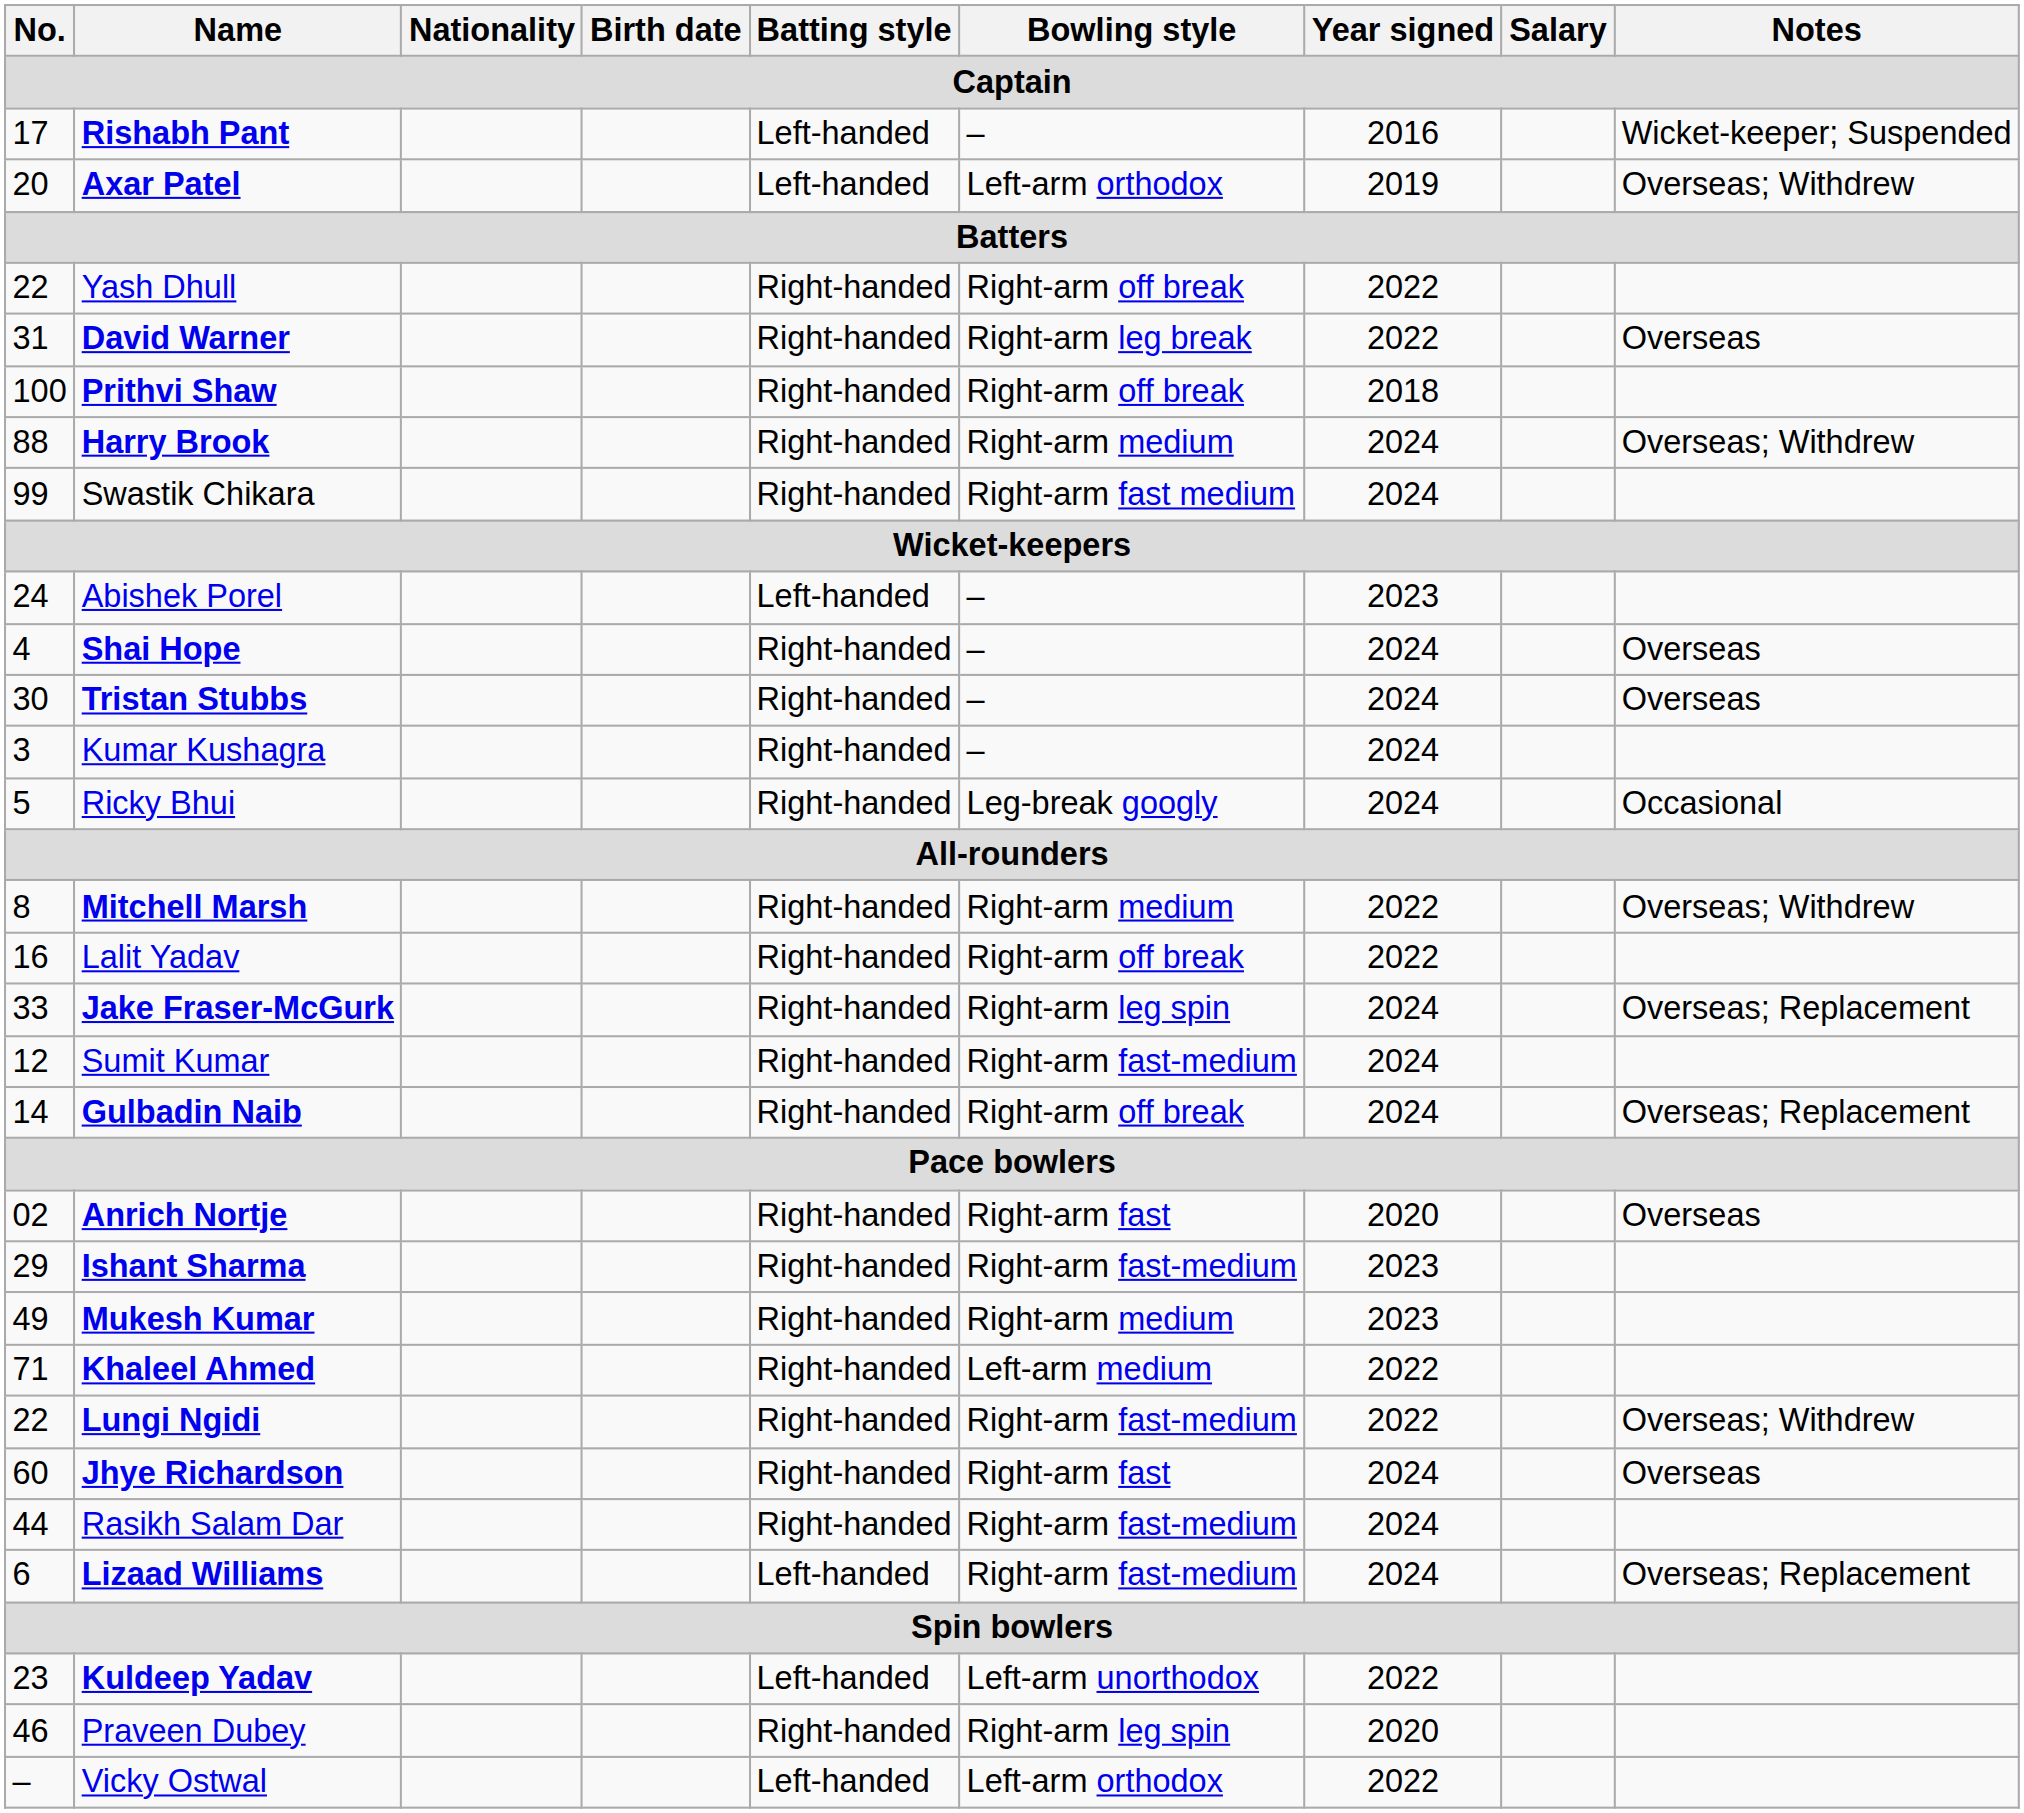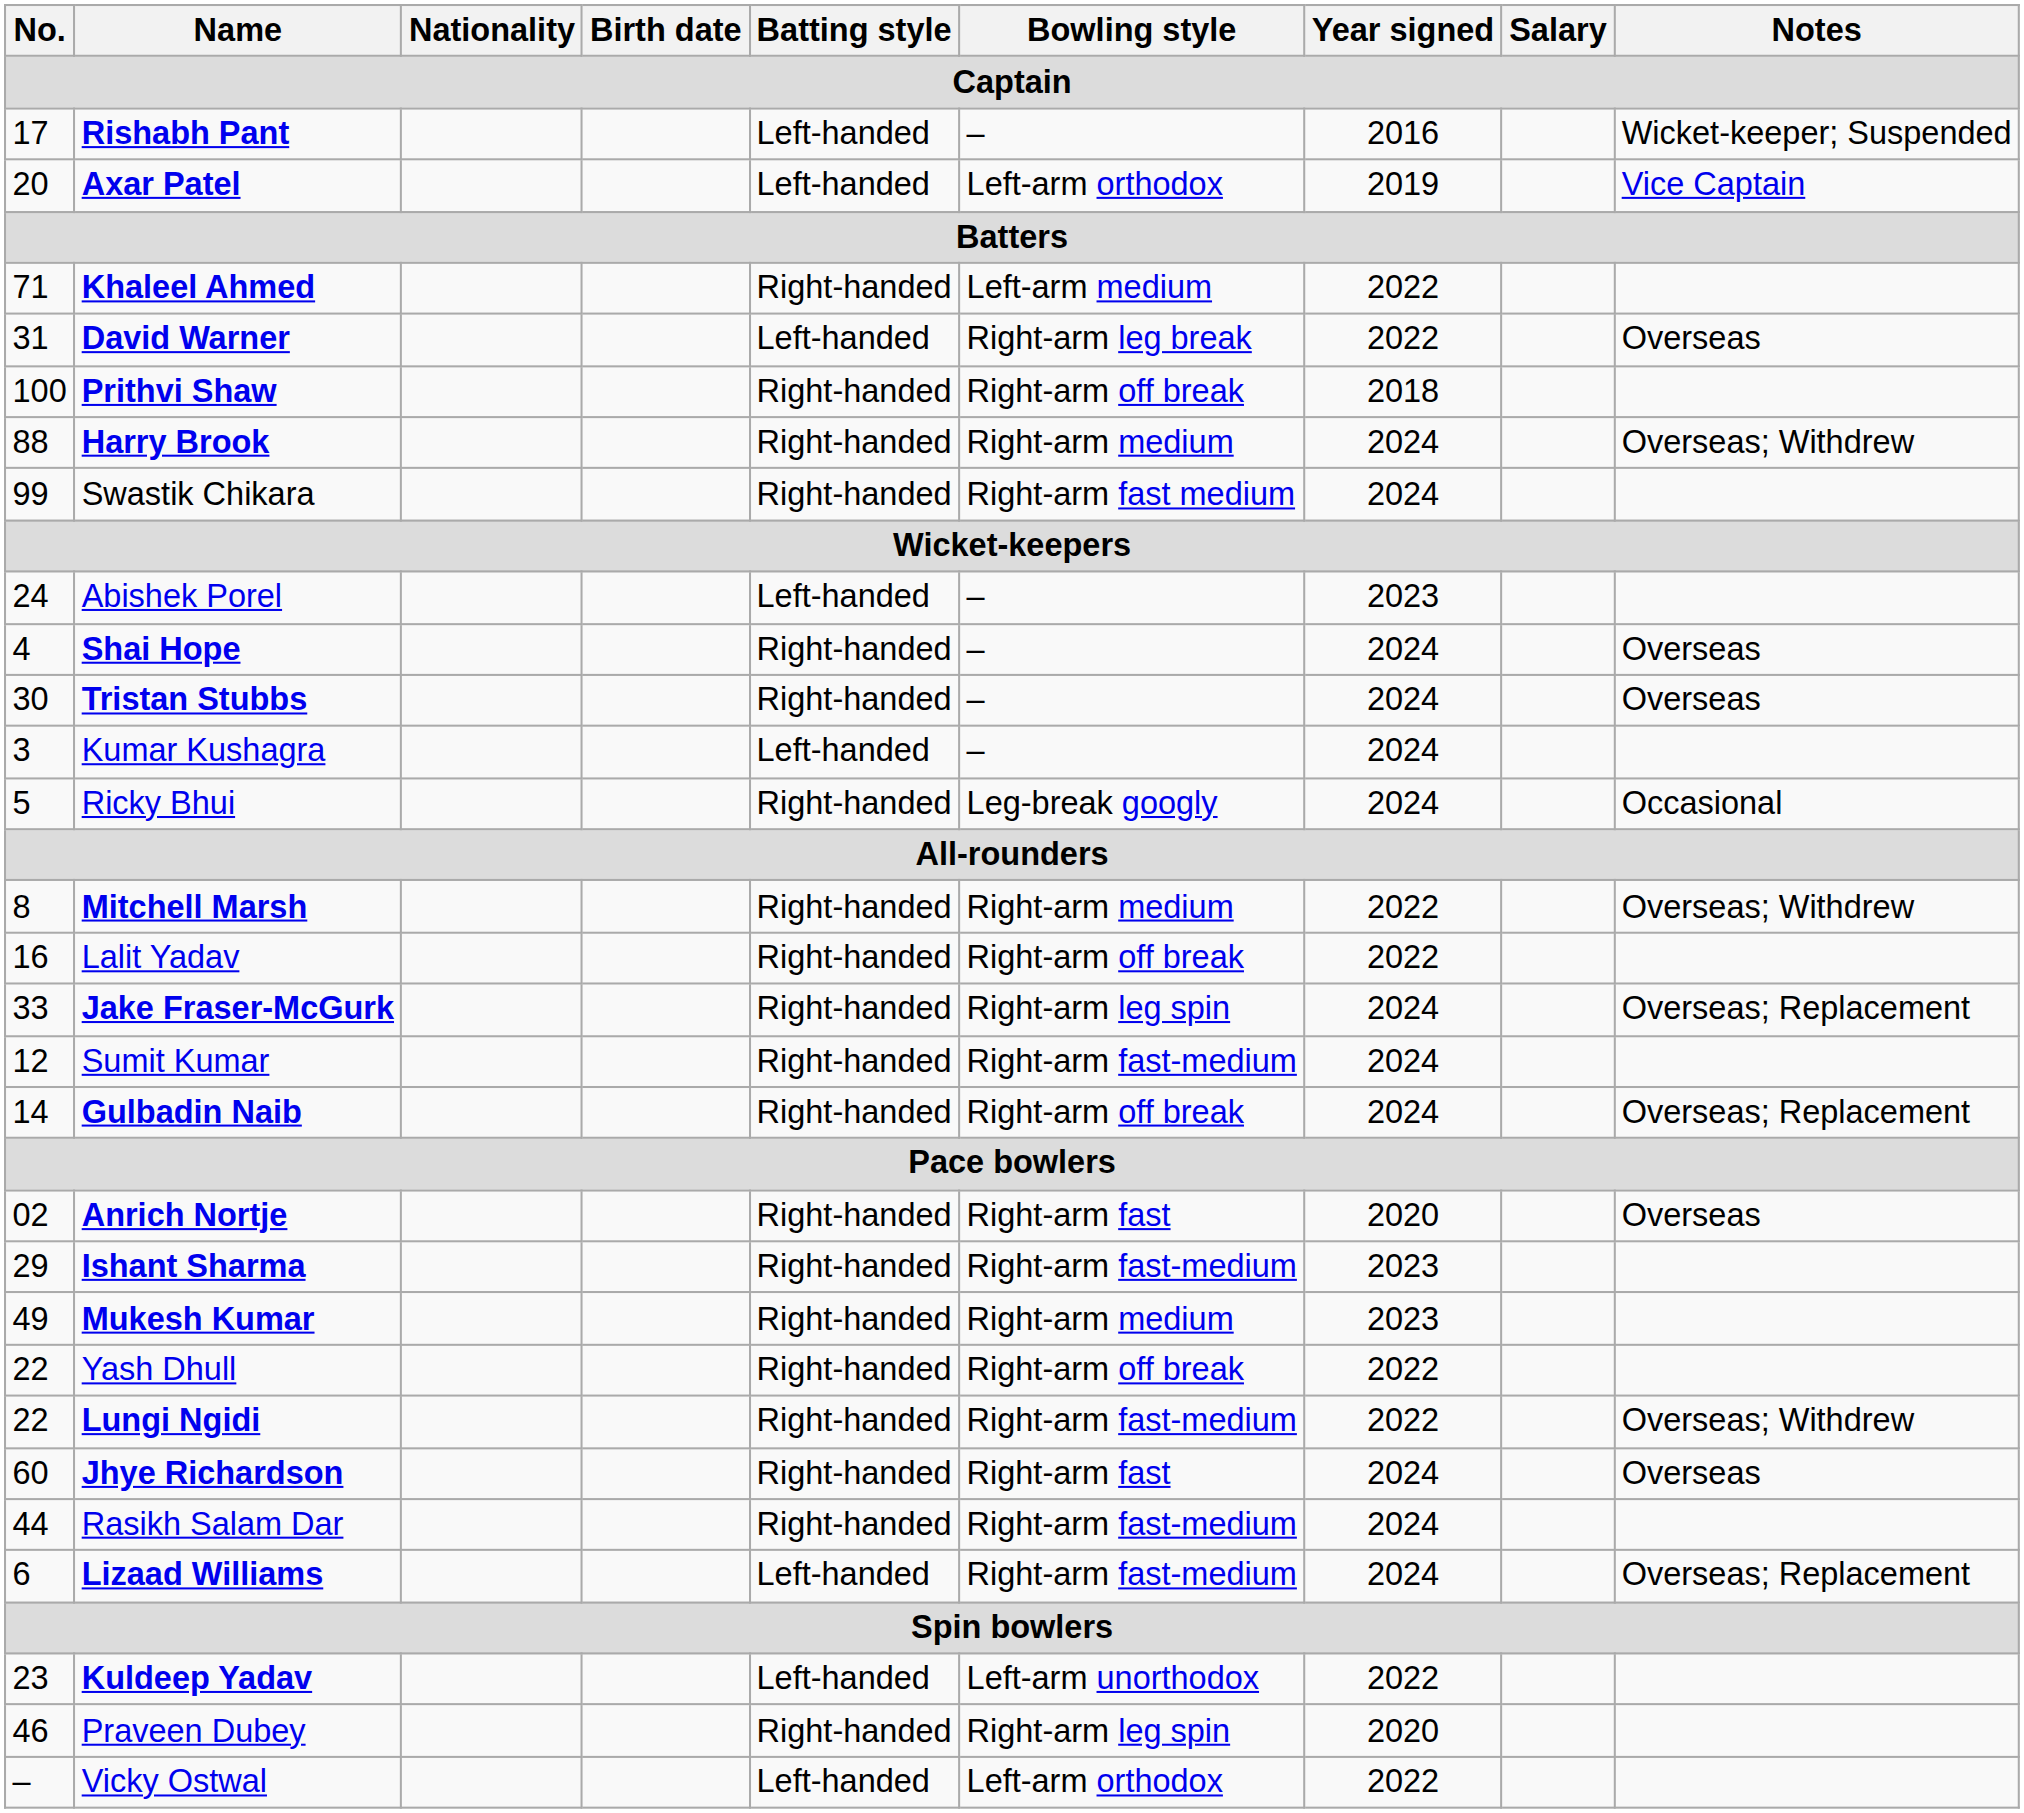 <table class="wikitable">
 <tr>
 <th>No.</th>
 <th>Name</th>
 <th>Nationality</th>
 <th>Birth date</th>
 <th>Batting style</th>
 <th>Bowling style</th>
 <th>Year signed</th>
 <th>Salary</th>
 <th>Notes</th>
 </tr>
 <tr>
 <th colspan="9"  style="background:#dcdcdc; text-align:center;">Captain</th>
 </tr>
 <tr>
 <td>17</td>
 <td><strong><a href='#'>Rishabh Pant</a></strong></td>
 <td></td>
 <td></td>
 <td>Left-handed</td>
 <td>–</td>
 <td style="text-align:center;">2016</td>
 <td style="text-align:right;"></td>
 <td>Wicket-keeper; Suspended</td>
 </tr>
 <tr>
 <td>20</td>
 <td><strong><a href='#'>Axar Patel</a></strong></td>
 <td></td>
 <td></td>
 <td>Left-handed</td>
 <td>Left-arm <a href='#'>orthodox</a></td>
 <td style="text-align:center;">2019</td>
 <td style="text-align:right;"></td>
-<td>Overseas; Withdrew</td>
+<td><a href='#'>Vice Captain</a></td>
 </tr>
 <tr>
 <th colspan="9"  style="background:#dcdcdc; text-align:center;">Batters</th>
 </tr>
 <tr>
-<td>22</td>
-<td><a href='#'>Yash Dhull</a></td>
+<td>71</td>
+<td><strong><a href='#'>Khaleel Ahmed</a></strong></td>
 <td></td>
 <td></td>
 <td>Right-handed</td>
-<td>Right-arm <a href='#'>off break</a></td>
+<td>Left-arm <a href='#'>medium</a></td>
 <td style="text-align:center;">2022</td>
 <td style="text-align:right;"></td>
 <td></td>
 </tr>
 <tr>
 <td>31</td>
 <td><strong><a href='#'>David Warner</a></strong></td>
 <td></td>
 <td></td>
-<td>Right-handed</td>
+<td>Left-handed</td>
 <td>Right-arm <a href='#'>leg break</a></td>
 <td style="text-align:center;">2022</td>
 <td style="text-align:right;"></td>
 <td>Overseas</td>
 </tr>
 <tr>
 <td>100</td>
 <td><strong><a href='#'>Prithvi Shaw</a></strong></td>
 <td></td>
 <td></td>
 <td>Right-handed</td>
 <td>Right-arm <a href='#'>off break</a></td>
 <td style="text-align:center;">2018</td>
 <td style="text-align:right;"></td>
 <td></td>
 </tr>
 <tr>
 <td>88</td>
 <td><strong><a href='#'>Harry Brook</a></strong></td>
 <td></td>
 <td></td>
 <td>Right-handed</td>
 <td>Right-arm <a href='#'>medium</a></td>
 <td style="text-align:center;">2024</td>
 <td style="text-align:right;"></td>
 <td>Overseas; Withdrew</td>
 </tr>
 <tr>
 <td>99</td>
 <td>Swastik Chikara</td>
 <td></td>
 <td></td>
 <td>Right-handed</td>
 <td>Right-arm <a href='#'>fast medium</a></td>
 <td style="text-align:center;">2024</td>
 <td style="text-align:right;"></td>
 <td></td>
 </tr>
 <tr>
 <th colspan="9"  style="background:#dcdcdc; text-align:center;">Wicket-keepers</th>
 </tr>
 <tr>
 <td>24</td>
 <td><a href='#'>Abishek Porel</a></td>
 <td></td>
 <td></td>
 <td>Left-handed</td>
 <td>–</td>
 <td style="text-align:center;">2023</td>
 <td style="text-align:right;"></td>
 <td></td>
 </tr>
 <tr>
 <td>4</td>
 <td><strong><a href='#'>Shai Hope</a></strong></td>
 <td></td>
 <td></td>
 <td>Right-handed</td>
 <td>–</td>
 <td style="text-align:center;">2024</td>
 <td style="text-align:right;"></td>
 <td>Overseas</td>
 </tr>
 <tr>
 <td>30</td>
 <td><strong><a href='#'>Tristan Stubbs</a></strong></td>
 <td></td>
 <td></td>
 <td>Right-handed</td>
 <td>–</td>
 <td style="text-align:center;">2024</td>
 <td style="text-align:right;"></td>
 <td>Overseas</td>
 </tr>
 <tr>
 <td>3</td>
 <td><a href='#'>Kumar Kushagra</a></td>
 <td></td>
 <td></td>
-<td>Right-handed</td>
+<td>Left-handed</td>
 <td>–</td>
 <td style="text-align:center;">2024</td>
 <td style="text-align:right;"></td>
 <td></td>
 </tr>
 <tr>
 <td>5</td>
 <td><a href='#'>Ricky Bhui</a></td>
 <td></td>
 <td></td>
 <td>Right-handed</td>
 <td>Leg-break <a href='#'>googly</a></td>
 <td style="text-align:center;">2024</td>
 <td style="text-align:right;"></td>
 <td>Occasional</td>
 </tr>
 <tr>
 <th colspan="9"  style="background:#dcdcdc; text-align:center;">All-rounders</th>
 </tr>
 <tr>
 <td>8</td>
 <td><strong><a href='#'>Mitchell Marsh</a></strong></td>
 <td></td>
 <td></td>
 <td>Right-handed</td>
 <td>Right-arm <a href='#'>medium</a></td>
 <td style="text-align:center;">2022</td>
 <td style="text-align:right;"></td>
 <td>Overseas; Withdrew</td>
 </tr>
 <tr>
 <td>16</td>
 <td><a href='#'>Lalit Yadav</a></td>
 <td></td>
 <td></td>
 <td>Right-handed</td>
 <td>Right-arm <a href='#'>off break</a></td>
 <td style="text-align:center;">2022</td>
 <td style="text-align:right;"></td>
 <td></td>
 </tr>
 <tr>
 <td>33</td>
 <td><strong><a href='#'>Jake Fraser-McGurk</a></strong></td>
 <td></td>
 <td></td>
 <td>Right-handed</td>
 <td>Right-arm <a href='#'>leg spin</a></td>
 <td style="text-align:center;">2024</td>
 <td style="text-align:right;"></td>
 <td>Overseas; Replacement</td>
 </tr>
 <tr>
 <td>12</td>
 <td><a href='#'>Sumit Kumar</a></td>
 <td></td>
 <td></td>
 <td>Right-handed</td>
 <td>Right-arm <a href='#'>fast-medium</a></td>
 <td style="text-align:center;">2024</td>
 <td style="text-align:right;"></td>
 <td></td>
 </tr>
 <tr>
 <td>14</td>
 <td><strong><a href='#'>Gulbadin Naib</a></strong></td>
 <td></td>
 <td></td>
 <td>Right-handed</td>
 <td>Right-arm <a href='#'>off break</a></td>
 <td style="text-align:center;">2024</td>
 <td style="text-align:right;"></td>
 <td>Overseas; Replacement</td>
 </tr>
 <tr>
 <th colspan="9"  style="background:#dcdcdc; text-align:center;">Pace bowlers</th>
 </tr>
 <tr>
 <td>02</td>
 <td><strong><a href='#'>Anrich Nortje</a></strong></td>
 <td></td>
 <td></td>
 <td>Right-handed</td>
 <td>Right-arm <a href='#'>fast</a></td>
 <td style="text-align:center;">2020</td>
 <td style="text-align:right;"></td>
 <td>Overseas</td>
 </tr>
 <tr>
 <td>29</td>
 <td><strong><a href='#'>Ishant Sharma</a></strong></td>
 <td></td>
 <td></td>
 <td>Right-handed</td>
 <td>Right-arm <a href='#'>fast-medium</a></td>
 <td style="text-align:center;">2023</td>
 <td style="text-align:right;"></td>
 <td></td>
 </tr>
 <tr>
 <td>49</td>
 <td><strong><a href='#'>Mukesh Kumar</a></strong></td>
 <td></td>
 <td></td>
 <td>Right-handed</td>
 <td>Right-arm <a href='#'>medium</a></td>
 <td style="text-align:center;">2023</td>
 <td style="text-align:right;"></td>
 <td></td>
 </tr>
 <tr>
-<td>71</td>
-<td><strong><a href='#'>Khaleel Ahmed</a></strong></td>
+<td>22</td>
+<td><a href='#'>Yash Dhull</a></td>
 <td></td>
 <td></td>
 <td>Right-handed</td>
-<td>Left-arm <a href='#'>medium</a></td>
+<td>Right-arm <a href='#'>off break</a></td>
 <td style="text-align:center;">2022</td>
 <td style="text-align:right;"></td>
 <td></td>
 </tr>
 <tr>
 <td>22</td>
 <td><strong><a href='#'>Lungi Ngidi</a></strong></td>
 <td></td>
 <td></td>
 <td>Right-handed</td>
 <td>Right-arm <a href='#'>fast-medium</a></td>
 <td style="text-align:center;">2022</td>
 <td style="text-align:right;"></td>
 <td>Overseas; Withdrew</td>
 </tr>
 <tr>
 <td>60</td>
 <td><strong><a href='#'>Jhye Richardson</a></strong></td>
 <td></td>
 <td></td>
 <td>Right-handed</td>
 <td>Right-arm <a href='#'>fast</a></td>
 <td style="text-align:center;">2024</td>
 <td style="text-align:right;"></td>
 <td>Overseas</td>
 </tr>
 <tr>
 <td>44</td>
 <td><a href='#'>Rasikh Salam Dar</a></td>
 <td></td>
 <td></td>
 <td>Right-handed</td>
 <td>Right-arm <a href='#'>fast-medium</a></td>
 <td style="text-align:center;">2024</td>
 <td style="text-align:right;"></td>
 <td></td>
 </tr>
 <tr>
 <td>6</td>
 <td><strong><a href='#'>Lizaad Williams</a></strong></td>
 <td></td>
 <td></td>
 <td>Left-handed</td>
 <td>Right-arm <a href='#'>fast-medium</a></td>
 <td style="text-align:center;">2024</td>
 <td style="text-align:right;"></td>
 <td>Overseas; Replacement</td>
 </tr>
 <tr>
 <th colspan="9"  style="background:#dcdcdc; text-align:center;">Spin bowlers</th>
 </tr>
 <tr>
 <td>23</td>
 <td><strong><a href='#'>Kuldeep Yadav</a></strong></td>
 <td></td>
 <td></td>
 <td>Left-handed</td>
 <td>Left-arm <a href='#'>unorthodox</a></td>
 <td style="text-align:center;">2022</td>
 <td style="text-align:right;"></td>
 <td></td>
 </tr>
 <tr>
 <td>46</td>
 <td><a href='#'>Praveen Dubey</a></td>
 <td></td>
 <td></td>
 <td>Right-handed</td>
 <td>Right-arm <a href='#'>leg spin</a></td>
 <td style="text-align:center;">2020</td>
 <td style="text-align:right;"></td>
 <td></td>
 </tr>
 <tr>
 <td>–</td>
 <td><a href='#'>Vicky Ostwal</a></td>
 <td></td>
 <td></td>
 <td>Left-handed</td>
 <td>Left-arm <a href='#'>orthodox</a></td>
 <td style="text-align:center;">2022</td>
 <td style="text-align:right;"></td>
 <td></td>
 </tr>
 </table>
